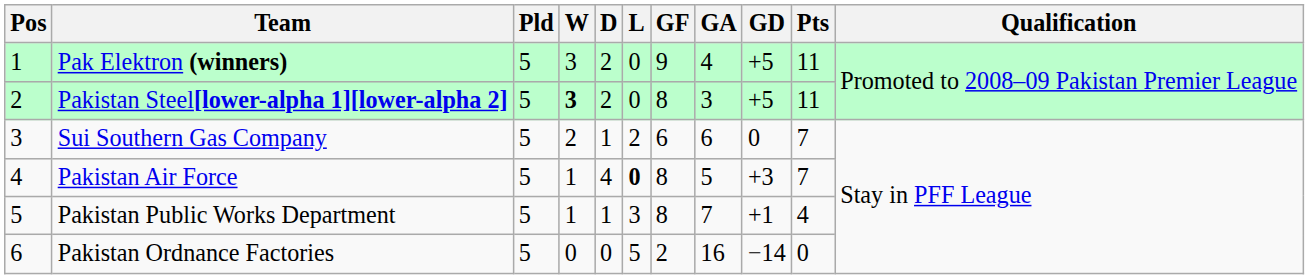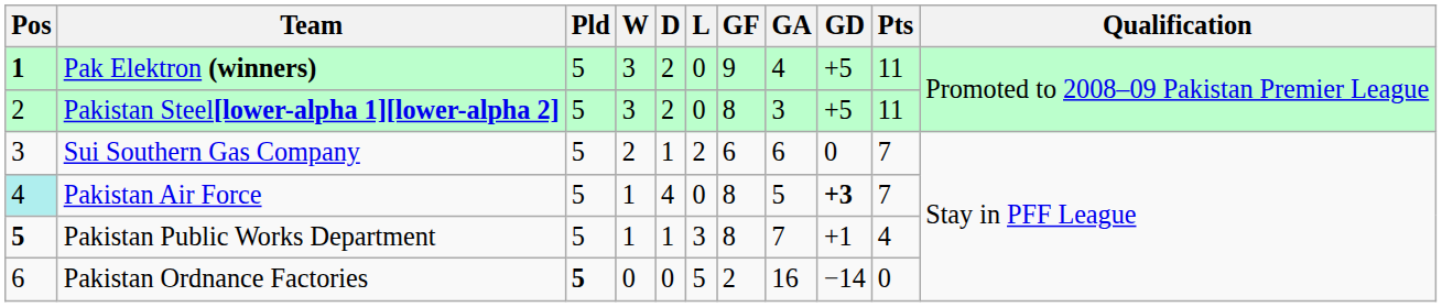 <table class="wikitable">
 <tr>
 <th>Pos</th>
 <th>Team</th>
 <th>Pld</th>
 <th>W</th>
 <th>D</th>
 <th>L</th>
 <th>GF</th>
 <th>GA</th>
 <th>GD</th>
 <th>Pts</th>
 <th>Qualification</th>
 </tr>
 <tr style="background:#bfc">
-<td>1</td>
+<td><strong>1</strong></td>
 <td><a href='#'>Pak Elektron</a> <strong>(winners)</strong></td>
 <td>5</td>
 <td>3</td>
 <td>2</td>
 <td>0</td>
 <td>9</td>
 <td>4</td>
 <td>+5</td>
 <td>11</td>
 <td rowspan="2">Promoted to <a href='#'>2008–09 Pakistan Premier League</a></td>
 </tr>
 <tr style="background:#bfc">
 <td>2</td>
 <td><a href='#'>Pakistan Steel</a><strong><a href='#'><span>[lower-alpha 1]</span></a><a href='#'><span>[lower-alpha 2]</span></a></strong></td>
 <td>5</td>
-<td><strong>3</strong></td>
+<td>3</td>
 <td>2</td>
 <td>0</td>
 <td>8</td>
 <td>3</td>
 <td>+5</td>
 <td>11</td>
 </tr>
 <tr>
 <td>3</td>
 <td><a href='#'>Sui Southern Gas Company</a></td>
 <td>5</td>
 <td>2</td>
 <td>1</td>
 <td>2</td>
 <td>6</td>
 <td>6</td>
 <td>0</td>
 <td>7</td>
 <td rowspan="4">Stay in <a href='#'>PFF League</a></td>
 </tr>
 <tr>
-<td>4</td>
+<td style="background: paleturquoise;">4</td>
 <td><a href='#'>Pakistan Air Force</a></td>
 <td>5</td>
 <td>1</td>
 <td>4</td>
-<td><strong>0</strong></td>
+<td>0</td>
 <td>8</td>
 <td>5</td>
-<td>+3</td>
+<td><strong>+3</strong></td>
 <td>7</td>
 </tr>
 <tr>
-<td>5</td>
+<td><strong>5</strong></td>
 <td>Pakistan Public Works Department</td>
 <td>5</td>
 <td>1</td>
 <td>1</td>
 <td>3</td>
 <td>8</td>
 <td>7</td>
 <td>+1</td>
 <td>4</td>
 </tr>
 <tr>
 <td>6</td>
 <td>Pakistan Ordnance Factories</td>
-<td>5</td>
+<td><strong>5</strong></td>
 <td>0</td>
 <td>0</td>
 <td>5</td>
 <td>2</td>
 <td>16</td>
 <td>−14</td>
 <td>0</td>
 </tr>
 </table>
